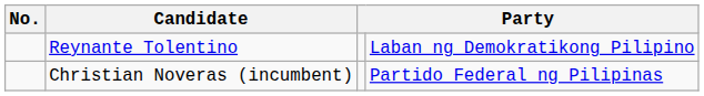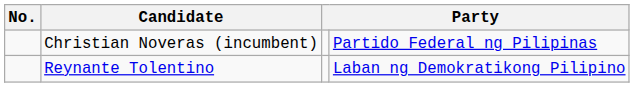 <table class="wikitable sortable" style="text-align:left;">
 <tr>
 <th>No.</th>
 <th>Candidate</th>
 <th colspan="2">Party</th>
 </tr>
 <tr>
 <td></td>
+<td>Christian Noveras (incumbent)</td>
+<td></td>
+<td><a href='#'>Partido Federal ng Pilipinas</a></td>
+</tr>
+<tr>
+<td></td>
 <td><a href='#'>Reynante Tolentino</a></td>
 <td></td>
 <td><a href='#'>Laban ng Demokratikong Pilipino</a></td>
 </tr>
-<tr>
-<td></td>
-<td>Christian Noveras (incumbent)</td>
-<td></td>
-<td><a href='#'>Partido Federal ng Pilipinas</a></td>
-</tr>
 </table>
